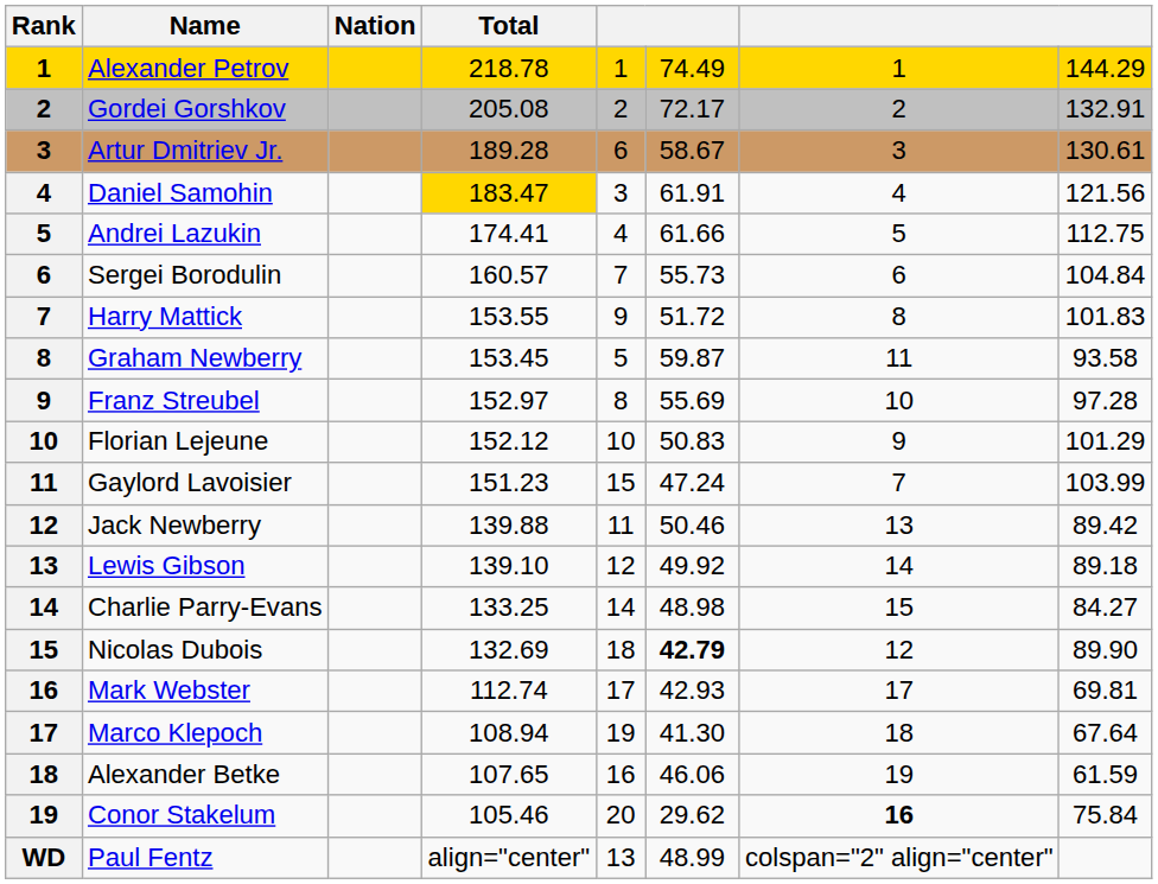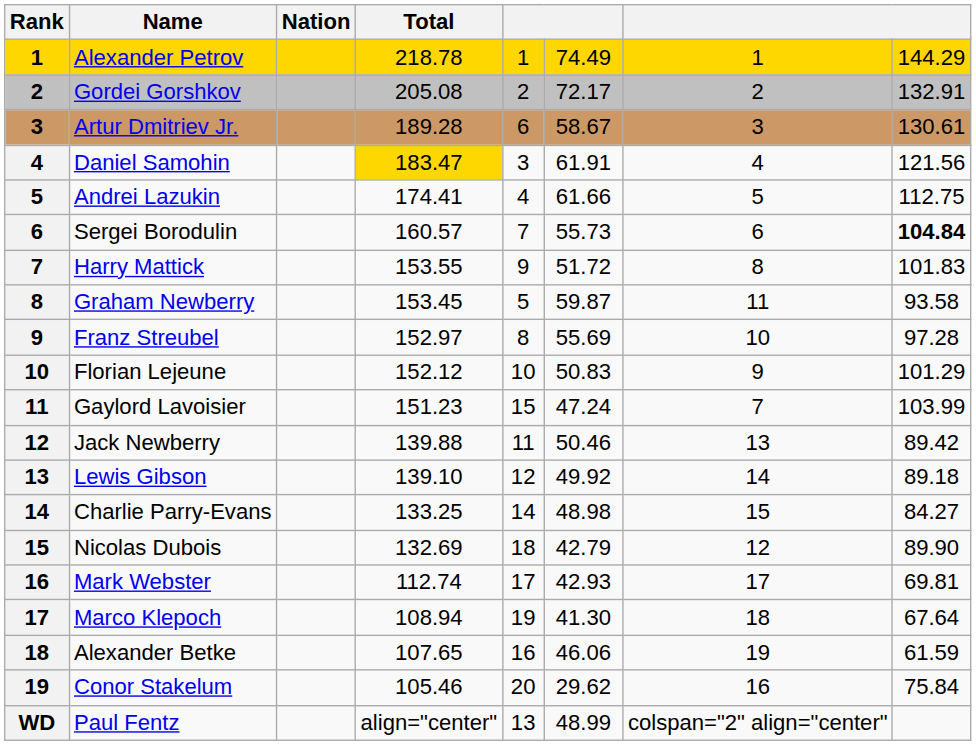 <table class="wikitable sortable">
 <tr>
 <th>Rank</th>
 <th>Name</th>
 <th>Nation</th>
 <th width="80px">Total</th>
 <th colspan="2" width="80px"></th>
 <th colspan="2" width="80px"></th>
 </tr>
 <tr bgcolor="gold">
 <td align="center"><strong>1</strong></td>
 <td><a href='#'>Alexander Petrov</a></td>
 <td></td>
 <td align="center">218.78</td>
 <td align="center">1</td>
 <td align="center">74.49</td>
 <td align="center">1</td>
 <td align="center">144.29</td>
 </tr>
 <tr bgcolor="silver">
 <td align="center"><strong>2</strong></td>
 <td><a href='#'>Gordei Gorshkov</a></td>
 <td></td>
 <td align="center">205.08</td>
 <td align="center">2</td>
 <td align="center">72.17</td>
 <td align="center">2</td>
 <td align="center">132.91</td>
 </tr>
 <tr bgcolor="cc9966">
 <td align="center"><strong>3</strong></td>
 <td><a href='#'>Artur Dmitriev Jr.</a></td>
 <td></td>
 <td align="center">189.28</td>
 <td align="center">6</td>
 <td align="center">58.67</td>
 <td align="center">3</td>
 <td align="center">130.61</td>
 </tr>
 <tr>
 <th>4</th>
 <td><a href='#'>Daniel Samohin</a></td>
 <td></td>
 <td align="center" style="background: gold;">183.47</td>
 <td align="center">3</td>
 <td align="center">61.91</td>
 <td align="center">4</td>
 <td align="center">121.56</td>
 </tr>
 <tr>
 <th>5</th>
 <td><a href='#'>Andrei Lazukin</a></td>
 <td></td>
 <td align="center">174.41</td>
 <td align="center">4</td>
 <td align="center">61.66</td>
 <td align="center">5</td>
 <td align="center">112.75</td>
 </tr>
 <tr>
 <th>6</th>
 <td>Sergei Borodulin</td>
 <td></td>
 <td align="center">160.57</td>
 <td align="center">7</td>
 <td align="center">55.73</td>
 <td align="center">6</td>
-<td align="center">104.84</td>
+<td align="center"><strong>104.84</strong></td>
 </tr>
 <tr>
 <th>7</th>
 <td><a href='#'>Harry Mattick</a></td>
 <td></td>
 <td align="center">153.55</td>
 <td align="center">9</td>
 <td align="center">51.72</td>
 <td align="center">8</td>
 <td align="center">101.83</td>
 </tr>
 <tr>
 <th>8</th>
 <td><a href='#'>Graham Newberry</a></td>
 <td></td>
 <td align="center">153.45</td>
 <td align="center">5</td>
 <td align="center">59.87</td>
 <td align="center">11</td>
 <td align="center">93.58</td>
 </tr>
 <tr>
 <th>9</th>
 <td><a href='#'>Franz Streubel</a></td>
 <td></td>
 <td align="center">152.97</td>
 <td align="center">8</td>
 <td align="center">55.69</td>
 <td align="center">10</td>
 <td align="center">97.28</td>
 </tr>
 <tr>
 <th>10</th>
 <td>Florian Lejeune</td>
 <td></td>
 <td align="center">152.12</td>
 <td align="center">10</td>
 <td align="center">50.83</td>
 <td align="center">9</td>
 <td align="center">101.29</td>
 </tr>
 <tr>
 <th>11</th>
 <td>Gaylord Lavoisier</td>
 <td></td>
 <td align="center">151.23</td>
 <td align="center">15</td>
 <td align="center">47.24</td>
 <td align="center">7</td>
 <td align="center">103.99</td>
 </tr>
 <tr>
 <th>12</th>
 <td>Jack Newberry</td>
 <td></td>
 <td align="center">139.88</td>
 <td align="center">11</td>
 <td align="center">50.46</td>
 <td align="center">13</td>
 <td align="center">89.42</td>
 </tr>
 <tr>
 <th>13</th>
 <td><a href='#'>Lewis Gibson</a></td>
 <td></td>
 <td align="center">139.10</td>
 <td align="center">12</td>
 <td align="center">49.92</td>
 <td align="center">14</td>
 <td align="center">89.18</td>
 </tr>
 <tr>
 <th>14</th>
 <td>Charlie Parry-Evans</td>
 <td></td>
 <td align="center">133.25</td>
 <td align="center">14</td>
 <td align="center">48.98</td>
 <td align="center">15</td>
 <td align="center">84.27</td>
 </tr>
 <tr>
 <th>15</th>
 <td>Nicolas Dubois</td>
 <td></td>
 <td align="center">132.69</td>
 <td align="center">18</td>
-<td align="center"><strong>42.79</strong></td>
+<td align="center">42.79</td>
 <td align="center">12</td>
 <td align="center">89.90</td>
 </tr>
 <tr>
 <th>16</th>
 <td><a href='#'>Mark Webster</a></td>
 <td></td>
 <td align="center">112.74</td>
 <td align="center">17</td>
 <td align="center">42.93</td>
 <td align="center">17</td>
 <td align="center">69.81</td>
 </tr>
 <tr>
 <th>17</th>
 <td><a href='#'>Marco Klepoch</a></td>
 <td></td>
 <td align="center">108.94</td>
 <td align="center">19</td>
 <td align="center">41.30</td>
 <td align="center">18</td>
 <td align="center">67.64</td>
 </tr>
 <tr>
 <th>18</th>
 <td>Alexander Betke</td>
 <td></td>
 <td align="center">107.65</td>
 <td align="center">16</td>
 <td align="center">46.06</td>
 <td align="center">19</td>
 <td align="center">61.59</td>
 </tr>
 <tr>
 <th>19</th>
 <td><a href='#'>Conor Stakelum</a></td>
 <td></td>
 <td align="center">105.46</td>
 <td align="center">20</td>
 <td align="center">29.62</td>
-<td align="center"><strong>16</strong></td>
+<td align="center">16</td>
 <td align="center">75.84</td>
 </tr>
 <tr>
 <th>WD</th>
 <td><a href='#'>Paul Fentz</a></td>
 <td></td>
 <td>align="center" </td>
 <td align="center">13</td>
 <td align="center">48.99</td>
 <td>colspan="2" align="center" </td>
 </tr>
 </table>
